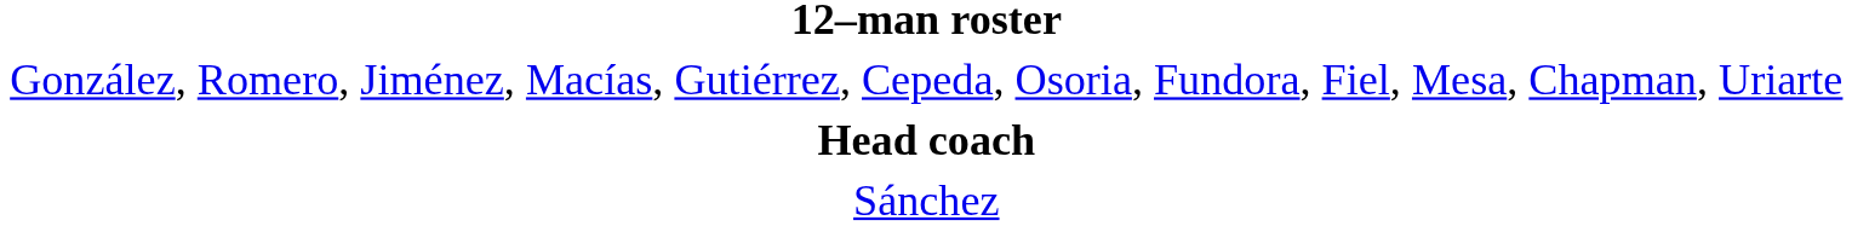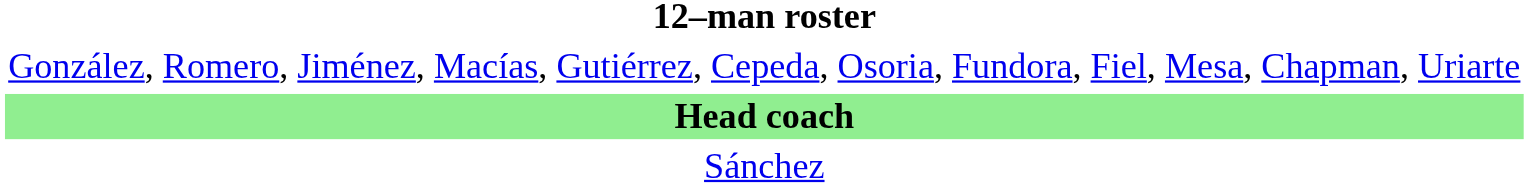 <table style="text-align: center; margin-top: 2em; margin-left: auto; margin-right: auto">
 <tr>
 <td><strong>12–man roster</strong></td>
 </tr>
 <tr>
 <td><a href='#'>González</a>, <a href='#'>Romero</a>, <a href='#'>Jiménez</a>, <a href='#'>Macías</a>, <a href='#'>Gutiérrez</a>, <a href='#'>Cepeda</a>, <a href='#'>Osoria</a>, <a href='#'>Fundora</a>, <a href='#'>Fiel</a>, <a href='#'>Mesa</a>, <a href='#'>Chapman</a>, <a href='#'>Uriarte</a></td>
 </tr>
 <tr>
-<td><strong>Head coach</strong></td>
+<td style="background: lightgreen;"><strong>Head coach</strong></td>
 </tr>
 <tr>
 <td><a href='#'>Sánchez</a></td>
 </tr>
 </table>
